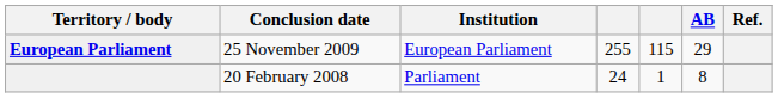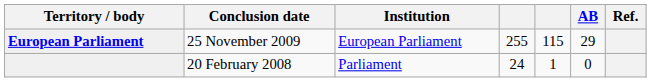 <table class="wikitable" style="font-size:90%; width:630px; text-align:left">
 <tr>
 <th>Territory / body</th>
 <th>Conclusion date</th>
 <th>Institution</th>
 <th></th>
 <th></th>
 <th><a href='#'>AB</a></th>
 <th>Ref.</th>
 </tr>
 <tr>
 <td style="background:#F0F0F0"><strong> <a href='#'>European Parliament</a></strong></td>
 <td>25 November 2009</td>
 <td><a href='#'>European Parliament</a></td>
 <td style="text-align:center">255</td>
 <td style="text-align:center">115</td>
 <td style="text-align:center">29</td>
 <th></th>
 </tr>
 <tr>
 <td style="background:#F0F0F0"><strong></strong></td>
 <td>20 February 2008</td>
 <td><a href='#'>Parliament</a></td>
 <td style="text-align:center">24</td>
 <td style="text-align:center">1</td>
-<td style="text-align:center">8</td>
+<td style="text-align:center">0</td>
 <th></th>
 </tr>
 </table>
